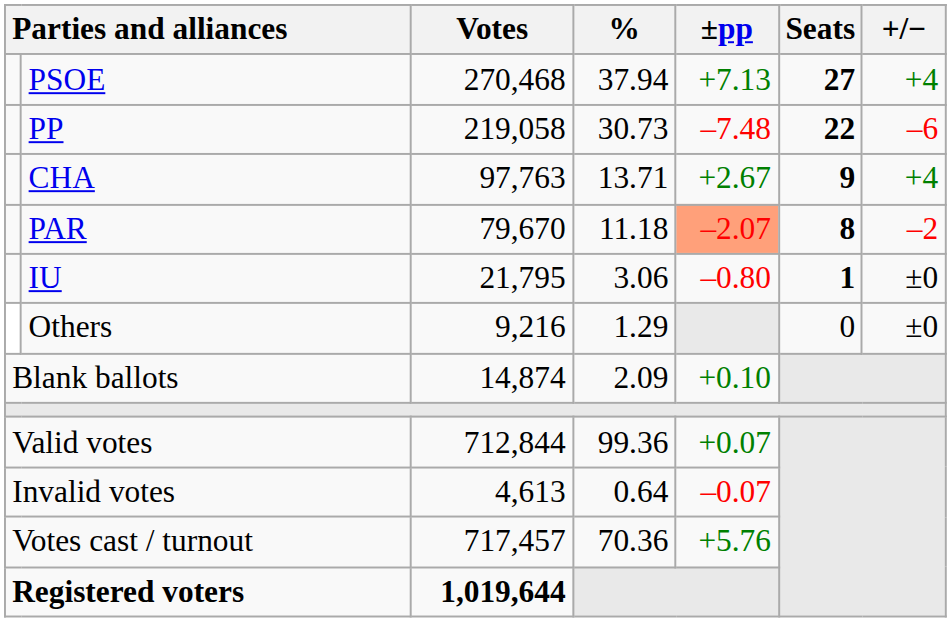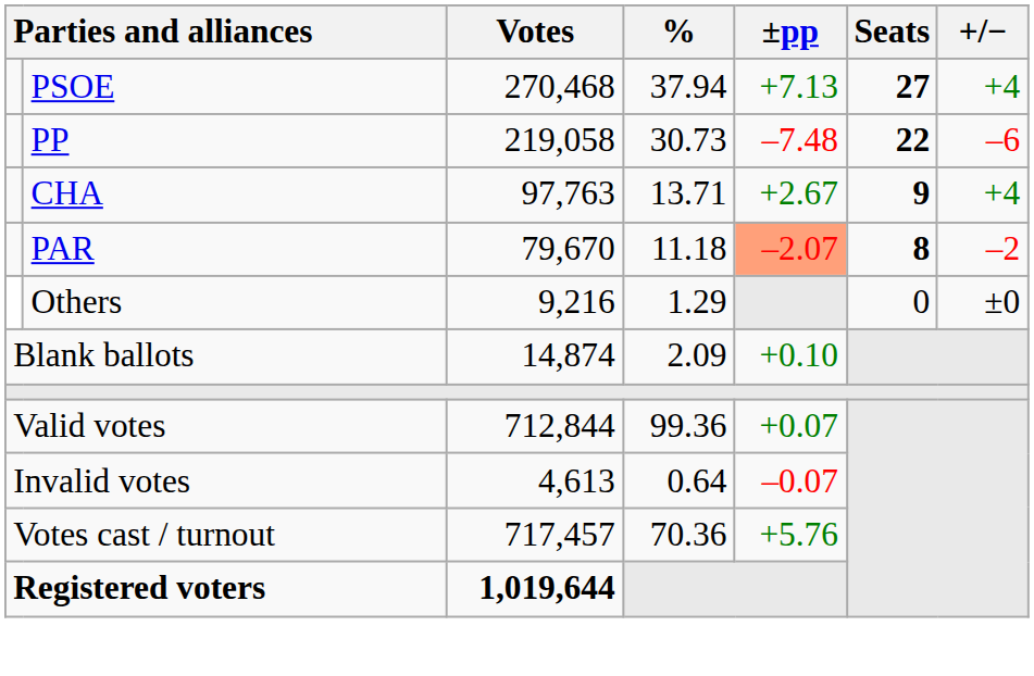 <table class="wikitable" style="text-align:right;">
 <tr>
 <th style="text-align:left;" colspan="2" width="200">Parties and alliances</th>
 <th width="75">Votes</th>
 <th width="45">%</th>
 <th width="45">±<a href='#'>pp</a></th>
 <th width="35">Seats</th>
 <th width="35">+/−</th>
 </tr>
 <tr>
 <td width="1" style="color:inherit;background:"></td>
 <td align="left"><a href='#'>PSOE</a></td>
 <td>270,468</td>
 <td>37.94</td>
 <td style="color:green;">+7.13</td>
 <td><strong>27</strong></td>
 <td style="color:green;">+4</td>
 </tr>
 <tr>
 <td style="color:inherit;background:"></td>
 <td align="left"><a href='#'>PP</a></td>
 <td>219,058</td>
 <td>30.73</td>
 <td style="color:red;">–7.48</td>
 <td><strong>22</strong></td>
 <td style="color:red;">–6</td>
 </tr>
 <tr>
 <td style="color:inherit;background:"></td>
 <td align="left"><a href='#'>CHA</a></td>
 <td>97,763</td>
 <td>13.71</td>
 <td style="color:green;">+2.67</td>
 <td><strong>9</strong></td>
 <td style="color:green;">+4</td>
 </tr>
 <tr>
 <td style="color:inherit;background:"></td>
 <td align="left"><a href='#'>PAR</a></td>
 <td>79,670</td>
 <td>11.18</td>
 <td style="background: lightsalmon; color:red;">–2.07</td>
 <td><strong>8</strong></td>
 <td style="color:red;">–2</td>
 </tr>
 <tr>
-<td style="color:inherit;background:"></td>
-<td align="left"><a href='#'>IU</a></td>
-<td>21,795</td>
-<td>3.06</td>
-<td style="color:red;">–0.80</td>
-<td><strong>1</strong></td>
-<td>±0</td>
-</tr>
-<tr>
 <td bgcolor="white"></td>
 <td align="left">Others</td>
 <td>9,216</td>
 <td>1.29</td>
 <td bgcolor="#E9E9E9"></td>
 <td>0</td>
 <td>±0</td>
 </tr>
 <tr>
 <td align="left" colspan="2">Blank ballots</td>
 <td>14,874</td>
 <td>2.09</td>
 <td style="color:green;">+0.10</td>
 <td bgcolor="#E9E9E9" colspan="2"></td>
 </tr>
 <tr>
 <td colspan="7" bgcolor="#E9E9E9"></td>
 </tr>
 <tr>
 <td align="left" colspan="2">Valid votes</td>
 <td>712,844</td>
 <td>99.36</td>
 <td style="color:green;">+0.07</td>
 <td bgcolor="#E9E9E9" colspan="2" rowspan="4"></td>
 </tr>
 <tr>
 <td align="left" colspan="2">Invalid votes</td>
 <td>4,613</td>
 <td>0.64</td>
 <td style="color:red;">–0.07</td>
 </tr>
 <tr>
 <td align="left" colspan="2">Votes cast / turnout</td>
 <td>717,457</td>
 <td>70.36</td>
 <td style="color:green;">+5.76</td>
 </tr>
 <tr style="font-weight:bold;">
 <td align="left" colspan="2">Registered voters</td>
 <td>1,019,644</td>
 <td bgcolor="#E9E9E9" colspan="2"></td>
 </tr>
 </table>
